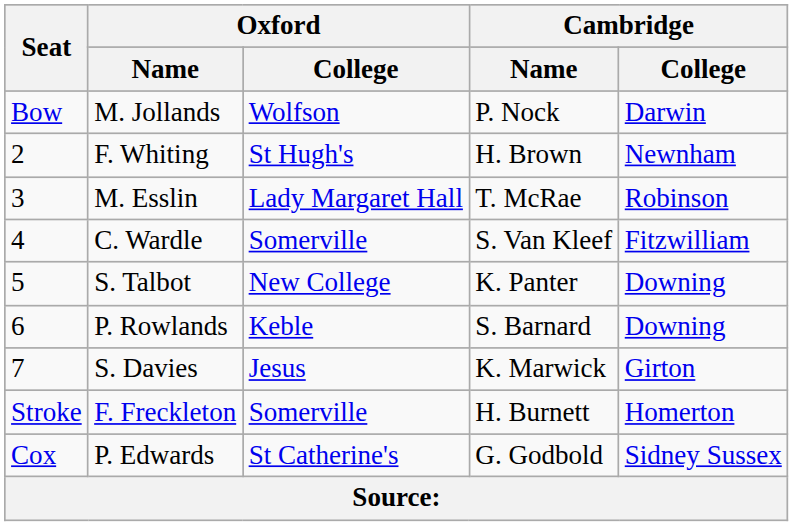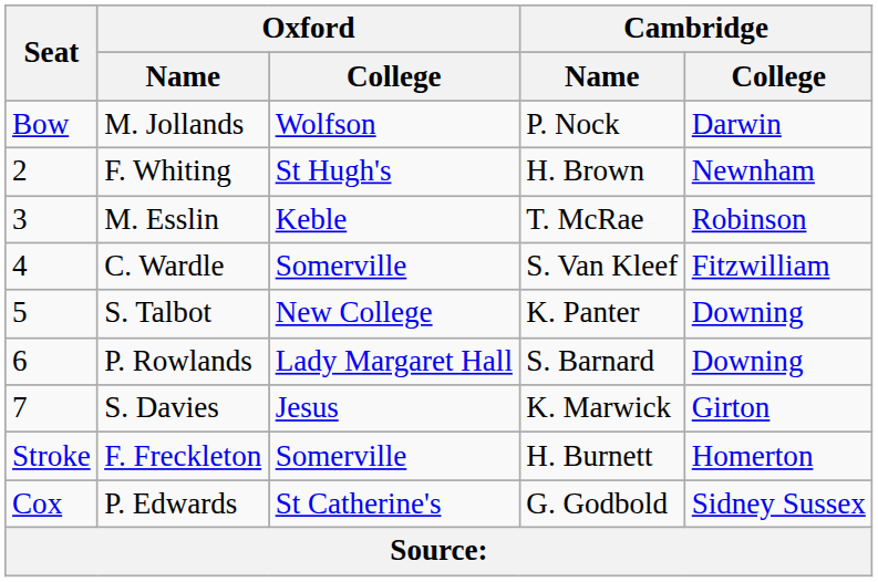 <table class="wikitable">
 <tr>
 <th rowspan="2" scope="col">Seat</th>
 <th colspan="2" scope="col">Oxford <br> </th>
 <th colspan="2" scope="col">Cambridge <br> </th>
 </tr>
 <tr>
 <th>Name</th>
 <th>College</th>
 <th>Name</th>
 <th>College</th>
 </tr>
 <tr>
 <td><a href='#'>Bow</a></td>
 <td>M. Jollands</td>
 <td><a href='#'>Wolfson</a></td>
 <td>P. Nock</td>
 <td><a href='#'>Darwin</a></td>
 </tr>
 <tr>
 <td>2</td>
 <td>F. Whiting</td>
 <td><a href='#'>St Hugh's</a></td>
 <td>H. Brown</td>
 <td><a href='#'>Newnham</a></td>
 </tr>
 <tr>
 <td>3</td>
 <td>M. Esslin</td>
-<td><a href='#'>Lady Margaret Hall</a></td>
+<td><a href='#'>Keble</a></td>
 <td>T. McRae</td>
 <td><a href='#'>Robinson</a></td>
 </tr>
 <tr>
 <td>4</td>
 <td>C. Wardle</td>
 <td><a href='#'>Somerville</a></td>
 <td>S. Van Kleef</td>
 <td><a href='#'>Fitzwilliam</a></td>
 </tr>
 <tr>
 <td>5</td>
 <td>S. Talbot</td>
 <td><a href='#'>New College</a></td>
 <td>K. Panter</td>
 <td><a href='#'>Downing</a></td>
 </tr>
 <tr>
 <td>6</td>
 <td>P. Rowlands</td>
-<td><a href='#'>Keble</a></td>
+<td><a href='#'>Lady Margaret Hall</a></td>
 <td>S. Barnard</td>
 <td><a href='#'>Downing</a></td>
 </tr>
 <tr>
 <td>7</td>
 <td>S. Davies</td>
 <td><a href='#'>Jesus</a></td>
 <td>K. Marwick</td>
 <td><a href='#'>Girton</a></td>
 </tr>
 <tr>
 <td><a href='#'>Stroke</a></td>
 <td><a href='#'>F. Freckleton</a></td>
 <td><a href='#'>Somerville</a></td>
 <td>H. Burnett</td>
 <td><a href='#'>Homerton</a></td>
 </tr>
 <tr>
 <td><a href='#'>Cox</a></td>
 <td>P. Edwards</td>
 <td><a href='#'>St Catherine's</a></td>
 <td>G. Godbold</td>
 <td><a href='#'>Sidney Sussex</a></td>
 </tr>
 <tr>
 <th colspan="7">Source:</th>
 </tr>
 </table>
